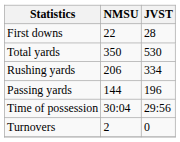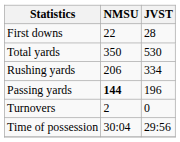 <table class="wikitable" style="float: left;">
 <tr>
 <th>Statistics</th>
 <th>NMSU</th>
 <th>JVST</th>
 </tr>
 <tr>
 <td>First downs</td>
 <td>22</td>
 <td>28</td>
 </tr>
 <tr>
 <td>Total yards</td>
 <td>350</td>
 <td>530</td>
 </tr>
 <tr>
 <td>Rushing yards</td>
 <td>206</td>
 <td>334</td>
 </tr>
 <tr>
 <td>Passing yards</td>
-<td>144</td>
+<td><strong>144</strong></td>
 <td>196</td>
+</tr>
+<tr>
+<td>Turnovers</td>
+<td>2</td>
+<td>0</td>
 </tr>
 <tr>
 <td>Time of possession</td>
 <td>30:04</td>
 <td>29:56</td>
 </tr>
 <tr>
-<td>Turnovers</td>
-<td>2</td>
-<td>0</td>
-</tr>
-<tr>
 </tr>
 </table>
